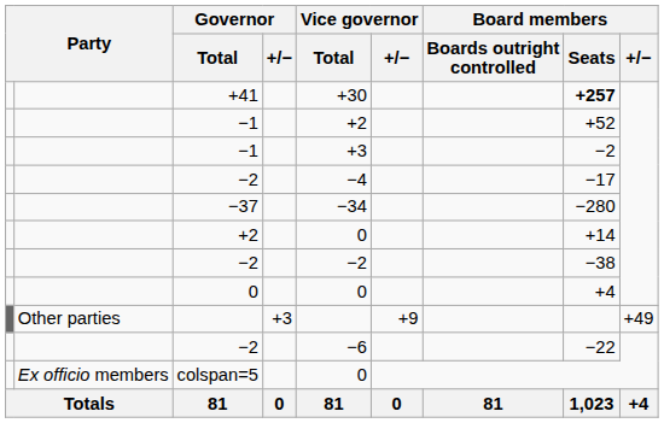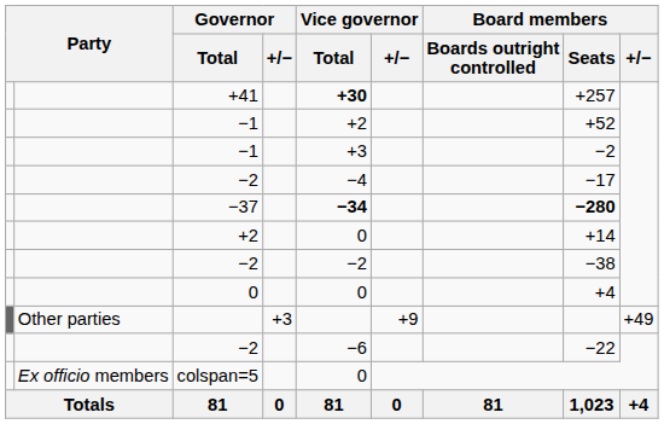 <table class="wikitable" style="text-align:right; font-size:90%;">
 <tr>
 <th colspan="2" rowspan="2">Party</th>
 <th colspan="2">Governor</th>
 <th colspan="2">Vice governor</th>
 <th colspan="3">Board members</th>
 </tr>
 <tr>
 <th>Total</th>
 <th>+/−</th>
 <th>Total</th>
 <th>+/−</th>
 <th>Boards outright<br>controlled</th>
 <th>Seats</th>
 <th>+/−</th>
 </tr>
 <tr>
 <td></td>
 <td></td>
 <td>+41</td>
 <td></td>
-<td>+30</td>
+<td><strong>+30</strong></td>
 <td></td>
 <td></td>
-<td><strong>+257</strong></td>
+<td>+257</td>
 </tr>
 <tr>
 <td></td>
 <td></td>
 <td>−1</td>
 <td></td>
 <td>+2</td>
 <td></td>
 <td></td>
 <td>+52</td>
 </tr>
 <tr>
 <td></td>
 <td></td>
 <td>−1</td>
 <td></td>
 <td>+3</td>
 <td></td>
 <td></td>
 <td>−2</td>
 </tr>
 <tr>
 <td></td>
 <td></td>
 <td>−2</td>
 <td></td>
 <td>−4</td>
 <td></td>
 <td></td>
 <td>−17</td>
 </tr>
 <tr>
 <td></td>
 <td></td>
 <td>−37</td>
 <td></td>
-<td>−34</td>
+<td><strong>−34</strong></td>
 <td></td>
 <td></td>
-<td>−280</td>
+<td><strong>−280</strong></td>
 </tr>
 <tr>
 <td></td>
 <td></td>
 <td>+2</td>
 <td></td>
 <td>0</td>
 <td></td>
 <td></td>
 <td>+14</td>
 </tr>
 <tr>
 <td></td>
 <td></td>
 <td>−2</td>
 <td></td>
 <td>−2</td>
 <td></td>
 <td></td>
 <td>−38</td>
 </tr>
 <tr>
 <td></td>
 <td></td>
 <td>0</td>
 <td></td>
 <td>0</td>
 <td></td>
 <td></td>
 <td>+4</td>
 </tr>
 <tr>
 <td style="color:inherit;background:#666666"></td>
 <td align="left">Other parties</td>
 <td></td>
 <td>+3</td>
 <td></td>
 <td>+9</td>
 <td></td>
 <td></td>
 <td>+49</td>
 </tr>
 <tr>
 <td></td>
 <td></td>
 <td>−2</td>
 <td></td>
 <td>−6</td>
 <td></td>
 <td></td>
 <td>−22</td>
 </tr>
 <tr>
 <td></td>
 <td align="left"><em>Ex officio</em> members</td>
 <td>colspan=5 </td>
 <td></td>
 <td>0</td>
 </tr>
 <tr>
 <th colspan="2">Totals</th>
 <th>81</th>
 <th>0</th>
 <th>81</th>
 <th>0</th>
 <th>81</th>
 <th>1,023</th>
 <th>+4</th>
 </tr>
 </table>
